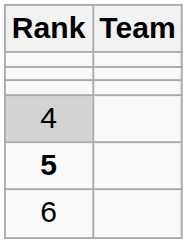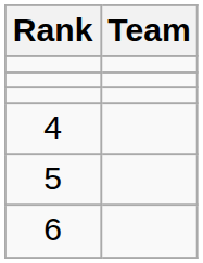 <table class=wikitable style="text-align:center;">
 <tr>
 <th>Rank</th>
 <th>Team</th>
 </tr>
 <tr>
 <td></td>
 <td align=left></td>
 </tr>
 <tr>
 <td></td>
 <td align=left></td>
 </tr>
 <tr>
 <td></td>
 <td align=left></td>
 </tr>
 <tr>
-<td style="background: lightgrey;">4</td>
+<td>4</td>
 <td align=left></td>
 </tr>
 <tr>
-<td><strong>5</strong></td>
+<td>5</td>
 <td align=left></td>
 </tr>
 <tr>
 <td>6</td>
 <td align=left></td>
 </tr>
 </table>
